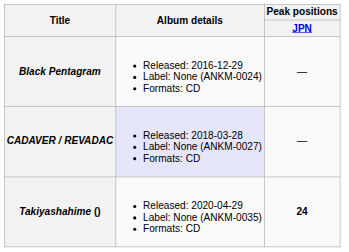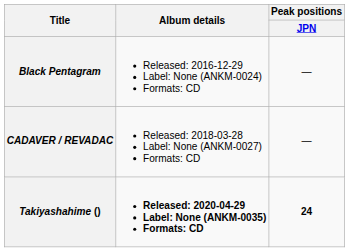 <table class="wikitable plainrowheaders">
 <tr>
 <th scope="col" rowspan="2">Title</th>
 <th scope="col" rowspan="2">Album details</th>
 <th scope="col" colspan="1">Peak positions</th>
 </tr>
 <tr>
 <th scope="col"><a href='#'>JPN</a><br></th>
 </tr>
 <tr>
 <th scope="row"><em>Black Pentagram</em></th>
 <td><br><ul><li>Released: 2016-12-29</li><li>Label: None (ANKM-0024)</li><li>Formats: CD</li></ul></td>
 <td align="center">—</td>
 </tr>
 <tr>
 <th scope="row"><em>CADAVER / REVADAC</em></th>
-<td style="background: lavender;"><br><ul><li>Released: 2018-03-28</li><li>Label: None (ANKM-0027)</li><li>Formats: CD</li></ul></td>
+<td><br><ul><li>Released: 2018-03-28</li><li>Label: None (ANKM-0027)</li><li>Formats: CD</li></ul></td>
 <td align="center">—</td>
 </tr>
 <tr>
 <th scope="row"><em>Takiyashahime</em> ()</th>
-<td><br><ul><li>Released: 2020-04-29</li><li>Label: None (ANKM-0035)</li><li>Formats: CD</li></ul></td>
+<td><strong><br><ul><li>Released: 2020-04-29</li><li>Label: None (ANKM-0035)</li><li>Formats: CD</li></ul></strong></td>
 <td align="center"><strong>24</strong></td>
 </tr>
 </table>
